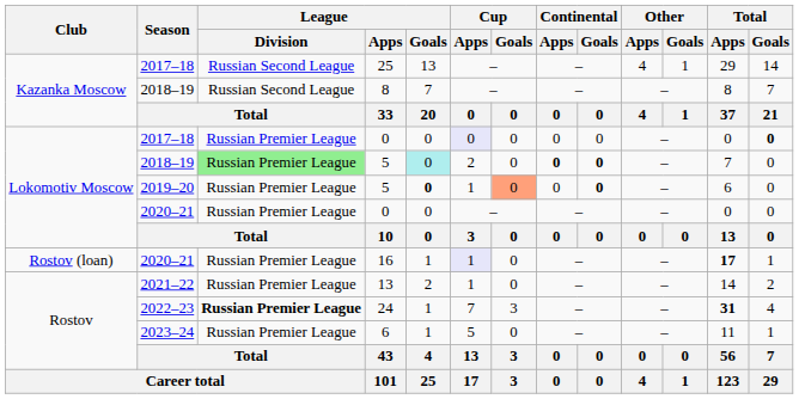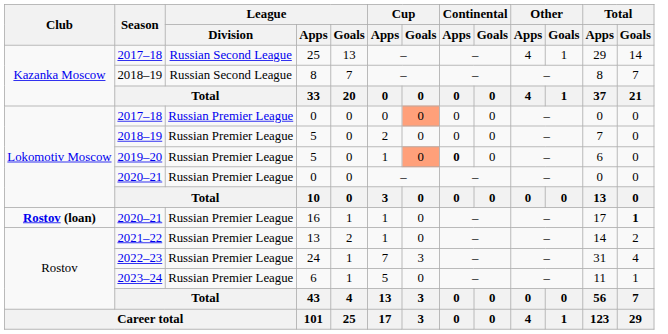 <table class="wikitable" style="text-align: center;">
 <tr>
 <th rowspan=2>Club</th>
 <th rowspan=2>Season</th>
 <th colspan=3>League</th>
 <th colspan=2>Cup</th>
 <th colspan=2>Continental</th>
 <th colspan=2>Other</th>
 <th colspan=2>Total</th>
 </tr>
 <tr>
 <th>Division</th>
 <th>Apps</th>
 <th>Goals</th>
 <th>Apps</th>
 <th>Goals</th>
 <th>Apps</th>
 <th>Goals</th>
 <th>Apps</th>
 <th>Goals</th>
 <th>Apps</th>
 <th>Goals</th>
 </tr>
 <tr>
 <td rowspan="3"><a href='#'>Kazanka Moscow</a></td>
 <td><a href='#'>2017–18</a></td>
 <td><a href='#'>Russian Second League</a></td>
 <td>25</td>
 <td>13</td>
 <td colspan=2>–</td>
 <td colspan=2>–</td>
 <td>4</td>
 <td>1</td>
 <td>29</td>
 <td>14</td>
 </tr>
 <tr>
 <td>2018–19</td>
 <td>Russian Second League</td>
 <td>8</td>
 <td>7</td>
 <td colspan=2>–</td>
 <td colspan=2>–</td>
 <td colspan=2>–</td>
 <td>8</td>
 <td>7</td>
 </tr>
 <tr>
 <th colspan=2>Total</th>
 <th>33</th>
 <th>20</th>
 <th>0</th>
 <th>0</th>
 <th>0</th>
 <th>0</th>
 <th>4</th>
 <th>1</th>
 <th>37</th>
 <th>21</th>
 </tr>
 <tr>
 <td rowspan="5"><a href='#'>Lokomotiv Moscow</a></td>
 <td><a href='#'>2017–18</a></td>
 <td><a href='#'>Russian Premier League</a></td>
 <td>0</td>
 <td>0</td>
-<td style="background: lavender;">0</td>
 <td>0</td>
+<td style="background: lightsalmon;">0</td>
 <td>0</td>
 <td>0</td>
 <td colspan=2>–</td>
 <td>0</td>
-<td><strong>0</strong></td>
+<td>0</td>
 </tr>
 <tr>
 <td><a href='#'>2018–19</a></td>
-<td style="background: lightgreen;">Russian Premier League</td>
+<td>Russian Premier League</td>
 <td>5</td>
-<td style="background: paleturquoise;">0</td>
+<td>0</td>
 <td>2</td>
 <td>0</td>
-<td><strong>0</strong></td>
-<td><strong>0</strong></td>
+<td>0</td>
+<td>0</td>
 <td colspan=2>–</td>
 <td>7</td>
 <td>0</td>
 </tr>
 <tr>
 <td><a href='#'>2019–20</a></td>
 <td>Russian Premier League</td>
 <td>5</td>
-<td><strong>0</strong></td>
+<td>0</td>
 <td>1</td>
 <td style="background: lightsalmon;">0</td>
+<td><strong>0</strong></td>
 <td>0</td>
-<td><strong>0</strong></td>
 <td colspan=2>–</td>
 <td>6</td>
 <td>0</td>
 </tr>
 <tr>
 <td><a href='#'>2020–21</a></td>
 <td>Russian Premier League</td>
 <td>0</td>
 <td>0</td>
 <td colspan=2>–</td>
 <td colspan=2>–</td>
 <td colspan=2>–</td>
 <td>0</td>
 <td>0</td>
 </tr>
 <tr>
 <th colspan=2>Total</th>
 <th>10</th>
 <th>0</th>
 <th>3</th>
 <th>0</th>
 <th>0</th>
 <th>0</th>
 <th>0</th>
 <th>0</th>
 <th>13</th>
 <th>0</th>
 </tr>
 <tr>
-<td><a href='#'>Rostov</a> (loan)</td>
+<td><strong><a href='#'>Rostov</a> (loan)</strong></td>
 <td><a href='#'>2020–21</a></td>
 <td>Russian Premier League</td>
 <td>16</td>
 <td>1</td>
-<td style="background: lavender;">1</td>
+<td>1</td>
 <td>0</td>
 <td colspan=2>–</td>
 <td colspan=2>–</td>
-<td><strong>17</strong></td>
-<td>1</td>
+<td>17</td>
+<td><strong>1</strong></td>
 </tr>
 <tr>
 <td rowspan="4">Rostov</td>
 <td><a href='#'>2021–22</a></td>
 <td>Russian Premier League</td>
 <td>13</td>
 <td>2</td>
 <td>1</td>
 <td>0</td>
 <td colspan=2>–</td>
 <td colspan=2>–</td>
 <td>14</td>
 <td>2</td>
 </tr>
 <tr>
 <td><a href='#'>2022–23</a></td>
-<td><strong>Russian Premier League</strong></td>
+<td>Russian Premier League</td>
 <td>24</td>
 <td>1</td>
 <td>7</td>
 <td>3</td>
 <td colspan=2>–</td>
 <td colspan=2>–</td>
-<td><strong>31</strong></td>
+<td>31</td>
 <td>4</td>
 </tr>
 <tr>
 <td><a href='#'>2023–24</a></td>
 <td>Russian Premier League</td>
 <td>6</td>
 <td>1</td>
 <td>5</td>
 <td>0</td>
 <td colspan=2>–</td>
 <td colspan=2>–</td>
 <td>11</td>
 <td>1</td>
 </tr>
 <tr>
 <th colspan=2>Total</th>
 <th>43</th>
 <th>4</th>
 <th>13</th>
 <th>3</th>
 <th>0</th>
 <th>0</th>
 <th>0</th>
 <th>0</th>
 <th>56</th>
 <th>7</th>
 </tr>
 <tr>
 <th colspan=3>Career total</th>
 <th>101</th>
 <th>25</th>
 <th>17</th>
 <th>3</th>
 <th>0</th>
 <th>0</th>
 <th>4</th>
 <th>1</th>
 <th>123</th>
 <th>29</th>
 </tr>
 </table>
